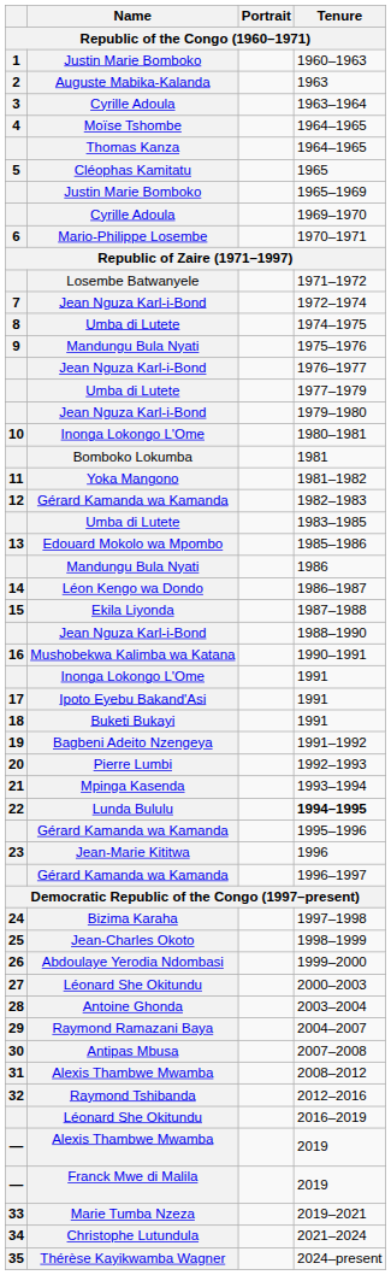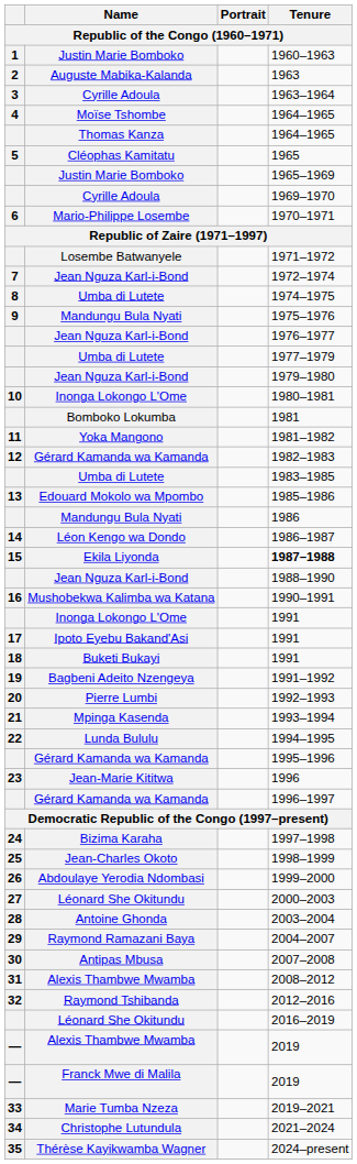 <table class="wikitable">
 <tr>
 <th></th>
 <th>Name<br></th>
 <th>Portrait</th>
 <th>Tenure</th>
 </tr>
 <tr>
 <th colspan="4" align="center">Republic of the Congo (1960–1971)</th>
 </tr>
 <tr>
 <th>1</th>
 <th align="center" scope="row" style="font-weight:normal;"><a href='#'>Justin Marie Bomboko</a><br></th>
 <td></td>
 <td>1960–1963</td>
 </tr>
 <tr>
 <th>2</th>
 <th align="center" scope="row" style="font-weight:normal;"><a href='#'>Auguste Mabika-Kalanda</a><br></th>
 <td></td>
 <td>1963</td>
 </tr>
 <tr>
 <th>3</th>
 <th align="center" scope="row" style="font-weight:normal;"><a href='#'>Cyrille Adoula</a><br></th>
 <td></td>
 <td>1963–1964</td>
 </tr>
 <tr>
 <th>4</th>
 <th align="center" scope="row" style="font-weight:normal;"><a href='#'>Moïse Tshombe</a><br></th>
 <td></td>
 <td>1964–1965</td>
 </tr>
 <tr>
 <th></th>
 <th align="center" scope="row" style="font-weight:normal;"><a href='#'>Thomas Kanza</a><br></th>
 <td></td>
 <td>1964–1965</td>
 </tr>
 <tr>
 <th>5</th>
 <th align="center" scope="row" style="font-weight:normal;"><a href='#'>Cléophas Kamitatu</a><br></th>
 <td></td>
 <td>1965</td>
 </tr>
 <tr>
 <th></th>
 <th align="center" scope="row" style="font-weight:normal;"><a href='#'>Justin Marie Bomboko</a><br></th>
 <td></td>
 <td>1965–1969</td>
 </tr>
 <tr>
 <th></th>
 <th align="center" scope="row" style="font-weight:normal;"><a href='#'>Cyrille Adoula</a><br></th>
 <td></td>
 <td>1969–1970</td>
 </tr>
 <tr>
 <th>6</th>
 <th align="center" scope="row" style="font-weight:normal;"><a href='#'>Mario-Philippe Losembe</a><br></th>
 <td></td>
 <td>1970–1971</td>
 </tr>
 <tr>
 <th colspan="4" align="center">Republic of Zaire (1971–1997)</th>
 </tr>
 <tr>
 <th></th>
 <th align="center" scope="row" style="font-weight:normal;">Losembe Batwanyele<br></th>
 <td></td>
 <td>1971–1972</td>
 </tr>
 <tr>
 <th>7</th>
 <th align="center" scope="row" style="font-weight:normal;"><a href='#'>Jean Nguza Karl-i-Bond</a><br></th>
 <td></td>
 <td>1972–1974</td>
 </tr>
 <tr>
 <th>8</th>
 <th align="center" scope="row" style="font-weight:normal;"><a href='#'>Umba di Lutete</a><br></th>
 <td></td>
 <td>1974–1975</td>
 </tr>
 <tr>
 <th>9</th>
 <th align="center" scope="row" style="font-weight:normal;"><a href='#'>Mandungu Bula Nyati</a><br></th>
 <td></td>
 <td>1975–1976</td>
 </tr>
 <tr>
 <th></th>
 <th align="center" scope="row" style="font-weight:normal;"><a href='#'>Jean Nguza Karl-i-Bond</a><br></th>
 <td></td>
 <td>1976–1977</td>
 </tr>
 <tr>
 <th></th>
 <th align="center" scope="row" style="font-weight:normal;"><a href='#'>Umba di Lutete</a><br></th>
 <td></td>
 <td>1977–1979</td>
 </tr>
 <tr>
 <th></th>
 <th align="center" scope="row" style="font-weight:normal;"><a href='#'>Jean Nguza Karl-i-Bond</a><br></th>
 <td></td>
 <td>1979–1980</td>
 </tr>
 <tr>
 <th>10</th>
 <th align="center" scope="row" style="font-weight:normal;"><a href='#'>Inonga Lokongo L'Ome</a><br></th>
 <td></td>
 <td>1980–1981</td>
 </tr>
 <tr>
 <th></th>
 <th align="center" scope="row" style="font-weight:normal;">Bomboko Lokumba<br></th>
 <td></td>
 <td>1981</td>
 </tr>
 <tr>
 <th>11</th>
 <th align="center" scope="row" style="font-weight:normal;"><a href='#'>Yoka Mangono</a><br></th>
 <td></td>
 <td>1981–1982</td>
 </tr>
 <tr>
 <th>12</th>
 <th align="center" scope="row" style="font-weight:normal;"><a href='#'>Gérard Kamanda wa Kamanda</a><br></th>
 <td></td>
 <td>1982–1983</td>
 </tr>
 <tr>
 <th></th>
 <th align="center" scope="row" style="font-weight:normal;"><a href='#'>Umba di Lutete</a><br></th>
 <td></td>
 <td>1983–1985</td>
 </tr>
 <tr>
 <th>13</th>
 <th align="center" scope="row" style="font-weight:normal;"><a href='#'>Edouard Mokolo wa Mpombo</a><br></th>
 <td></td>
 <td>1985–1986</td>
 </tr>
 <tr>
 <th></th>
 <th align="center" scope="row" style="font-weight:normal;"><a href='#'>Mandungu Bula Nyati</a><br></th>
 <td></td>
 <td>1986</td>
 </tr>
 <tr>
 <th>14</th>
 <th align="center" scope="row" style="font-weight:normal;"><a href='#'>Léon Kengo wa Dondo</a><br></th>
 <td></td>
 <td>1986–1987</td>
 </tr>
 <tr>
 <th>15</th>
 <th align="center" scope="row" style="font-weight:normal;"><a href='#'>Ekila Liyonda</a><br></th>
 <td></td>
-<td>1987–1988</td>
+<td><strong>1987–1988</strong></td>
 </tr>
 <tr>
 <th></th>
 <th align="center" scope="row" style="font-weight:normal;"><a href='#'>Jean Nguza Karl-i-Bond</a><br></th>
 <td></td>
 <td>1988–1990</td>
 </tr>
 <tr>
 <th>16</th>
 <th align="center" scope="row" style="font-weight:normal;"><a href='#'>Mushobekwa Kalimba wa Katana</a><br></th>
 <td></td>
 <td>1990–1991</td>
 </tr>
 <tr>
 <th></th>
 <th align="center" scope="row" style="font-weight:normal;"><a href='#'>Inonga Lokongo L'Ome</a><br></th>
 <td></td>
 <td>1991</td>
 </tr>
 <tr>
 <th>17</th>
 <th align="center" scope="row" style="font-weight:normal;"><a href='#'>Ipoto Eyebu Bakand'Asi</a><br></th>
 <td></td>
 <td>1991</td>
 </tr>
 <tr>
 <th>18</th>
 <th align="center" scope="row" style="font-weight:normal;"><a href='#'>Buketi Bukayi</a></th>
 <td></td>
 <td>1991</td>
 </tr>
 <tr>
 <th>19</th>
 <th align="center" scope="row" style="font-weight:normal;"><a href='#'>Bagbeni Adeito Nzengeya</a><br></th>
 <td></td>
 <td>1991–1992</td>
 </tr>
 <tr>
 <th>20</th>
 <th align="center" scope="row" style="font-weight:normal;"><a href='#'>Pierre Lumbi</a><br></th>
 <td></td>
 <td>1992–1993</td>
 </tr>
 <tr>
 <th>21</th>
 <th align="center" scope="row" style="font-weight:normal;"><a href='#'>Mpinga Kasenda</a><br></th>
 <td></td>
 <td>1993–1994</td>
 </tr>
 <tr>
 <th>22</th>
 <th align="center" scope="row" style="font-weight:normal;"><a href='#'>Lunda Bululu</a><br></th>
 <td></td>
-<td><strong>1994–1995</strong></td>
+<td>1994–1995</td>
 </tr>
 <tr>
 <th></th>
 <th align="center" scope="row" style="font-weight:normal;"><a href='#'>Gérard Kamanda wa Kamanda</a><br></th>
 <td></td>
 <td>1995–1996</td>
 </tr>
 <tr>
 <th>23</th>
 <th align="center" scope="row" style="font-weight:normal;"><a href='#'>Jean-Marie Kititwa</a><br></th>
 <td></td>
 <td>1996</td>
 </tr>
 <tr>
 <th></th>
 <th align="center" scope="row" style="font-weight:normal;"><a href='#'>Gérard Kamanda wa Kamanda</a><br></th>
 <td></td>
 <td>1996–1997</td>
 </tr>
 <tr>
 <th colspan="4" align="center">Democratic Republic of the Congo (1997–present)</th>
 </tr>
 <tr>
 <th>24</th>
 <th align="center" scope="row" style="font-weight:normal;"><a href='#'>Bizima Karaha</a><br></th>
 <td></td>
 <td>1997–1998</td>
 </tr>
 <tr>
 <th>25</th>
 <th align="center" scope="row" style="font-weight:normal;"><a href='#'>Jean-Charles Okoto</a><br></th>
 <td></td>
 <td>1998–1999</td>
 </tr>
 <tr>
 <th>26</th>
 <th align="center" scope="row" style="font-weight:normal;"><a href='#'>Abdoulaye Yerodia Ndombasi</a><br></th>
 <td></td>
 <td>1999–2000</td>
 </tr>
 <tr>
 <th>27</th>
 <th align="center" scope="row" style="font-weight:normal;"><a href='#'>Léonard She Okitundu</a><br></th>
 <td></td>
 <td>2000–2003</td>
 </tr>
 <tr>
 <th>28</th>
 <th align="center" scope="row" style="font-weight:normal;"><a href='#'>Antoine Ghonda</a><br></th>
 <td></td>
 <td>2003–2004</td>
 </tr>
 <tr>
 <th>29</th>
 <th align="center" scope="row" style="font-weight:normal;"><a href='#'>Raymond Ramazani Baya</a><br></th>
 <td></td>
 <td>2004–2007</td>
 </tr>
 <tr>
 <th>30</th>
 <th align="center" scope="row" style="font-weight:normal;"><a href='#'>Antipas Mbusa</a><br></th>
 <td></td>
 <td>2007–2008</td>
 </tr>
 <tr>
 <th>31</th>
 <th align="center" scope="row" style="font-weight:normal;"><a href='#'>Alexis Thambwe Mwamba</a><br></th>
 <td></td>
 <td>2008–2012</td>
 </tr>
 <tr>
 <th>32</th>
 <th align="center" scope="row" style="font-weight:normal;"><a href='#'>Raymond Tshibanda</a><br></th>
 <td></td>
 <td>2012–2016</td>
 </tr>
 <tr>
 <th></th>
 <th align="center" scope="row" style="font-weight:normal;"><a href='#'>Léonard She Okitundu</a><br></th>
 <td></td>
 <td>2016–2019</td>
 </tr>
 <tr>
 <th>—</th>
 <th align="center" scope="row" style="font-weight:normal;"><a href='#'>Alexis Thambwe Mwamba</a><br><br></th>
 <td></td>
 <td>2019</td>
 </tr>
 <tr>
 <th>—</th>
 <th align="center" scope="row" style="font-weight:normal;"><a href='#'>Franck Mwe di Malila</a><br><br></th>
 <td></td>
 <td>2019</td>
 </tr>
 <tr>
 <th>33</th>
 <th align="center" scope="row" style="font-weight:normal;"><a href='#'>Marie Tumba Nzeza</a><br></th>
 <td></td>
 <td>2019–2021</td>
 </tr>
 <tr>
 <th>34</th>
 <th align="center" scope="row" style="font-weight:normal;"><a href='#'>Christophe Lutundula</a><br></th>
 <td></td>
 <td>2021–2024</td>
 </tr>
 <tr>
 <th>35</th>
 <th align="center" scope="row" style="font-weight:normal;"><a href='#'>Thérèse Kayikwamba Wagner</a><br></th>
 <td></td>
 <td>2024–present</td>
 </tr>
 </table>
